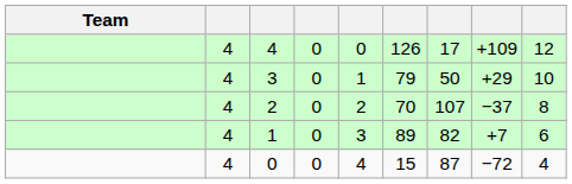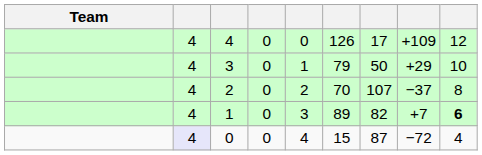 <table class="wikitable" style="text-align:center; font-size:95%;">
 <tr>
 <th width=160>Team</th>
 <th width=30></th>
 <th width=30></th>
 <th width=30></th>
 <th width=30></th>
 <th width=30></th>
 <th width=30></th>
 <th width=30></th>
 <th width=30></th>
 </tr>
 <tr style="background:#ccffcc">
 <td align=left></td>
 <td>4</td>
 <td>4</td>
 <td>0</td>
 <td>0</td>
 <td>126</td>
 <td>17</td>
 <td>+109</td>
 <td>12</td>
 </tr>
 <tr style="background:#ccffcc">
 <td align=left></td>
 <td>4</td>
 <td>3</td>
 <td>0</td>
 <td>1</td>
 <td>79</td>
 <td>50</td>
 <td>+29</td>
 <td>10</td>
 </tr>
 <tr style="background:#ccffcc">
 <td align=left></td>
 <td>4</td>
 <td>2</td>
 <td>0</td>
 <td>2</td>
 <td>70</td>
 <td>107</td>
 <td>−37</td>
 <td>8</td>
 </tr>
 <tr style="background:#ccffcc">
 <td align=left></td>
 <td>4</td>
 <td>1</td>
 <td>0</td>
 <td>3</td>
 <td>89</td>
 <td>82</td>
 <td>+7</td>
-<td>6</td>
+<td><strong>6</strong></td>
 </tr>
 <tr>
 <td align=left></td>
-<td>4</td>
+<td style="background: lavender;">4</td>
 <td>0</td>
 <td>0</td>
 <td>4</td>
 <td>15</td>
 <td>87</td>
 <td>−72</td>
 <td>4</td>
 </tr>
 </table>
